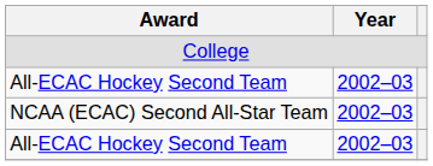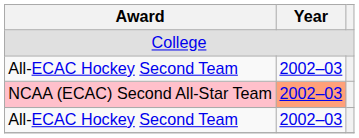 <table class="wikitable">
 <tr>
 <th>Award</th>
 <th>Year</th>
 <th></th>
 </tr>
 <tr ALIGN="center" bgcolor="#e0e0e0">
 <td colspan="3"><a href='#'>College</a></td>
 </tr>
 <tr>
 <td>All-<a href='#'>ECAC Hockey</a> <a href='#'>Second Team</a></td>
 <td><a href='#'>2002–03</a></td>
 <th></th>
 </tr>
 <tr>
-<td>NCAA (ECAC) Second All-Star Team</td>
-<td><a href='#'>2002–03</a></td>
+<td style="background: pink;">NCAA (ECAC) Second All-Star Team</td>
+<td style="background: lightsalmon;"><a href='#'>2002–03</a></td>
 <th></th>
 </tr>
 <tr>
 <td>All-<a href='#'>ECAC Hockey</a> <a href='#'>Second Team</a></td>
 <td><a href='#'>2002–03</a></td>
 <th></th>
 </tr>
 <tr>
 </tr>
 </table>
